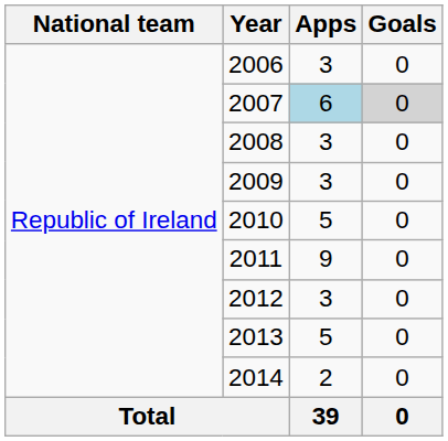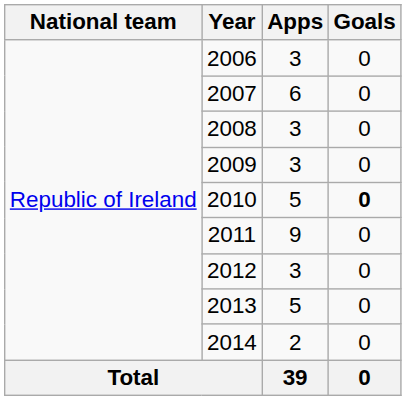 <table class=wikitable style="text-align:center">
 <tr>
 <th>National team</th>
 <th>Year</th>
 <th>Apps</th>
 <th>Goals</th>
 </tr>
 <tr>
 <td rowspan=9><a href='#'>Republic of Ireland</a></td>
 <td>2006</td>
 <td>3</td>
 <td>0</td>
 </tr>
 <tr>
 <td>2007</td>
-<td style="background: lightblue;">6</td>
-<td style="background: lightgrey;">0</td>
+<td>6</td>
+<td>0</td>
 </tr>
 <tr>
 <td>2008</td>
 <td>3</td>
 <td>0</td>
 </tr>
 <tr>
 <td>2009</td>
 <td>3</td>
 <td>0</td>
 </tr>
 <tr>
 <td>2010</td>
 <td>5</td>
-<td>0</td>
+<td><strong>0</strong></td>
 </tr>
 <tr>
 <td>2011</td>
 <td>9</td>
 <td>0</td>
 </tr>
 <tr>
 <td>2012</td>
 <td>3</td>
 <td>0</td>
 </tr>
 <tr>
 <td>2013</td>
 <td>5</td>
 <td>0</td>
 </tr>
 <tr>
 <td>2014</td>
 <td>2</td>
 <td>0</td>
 </tr>
 <tr>
 <th colspan=2>Total</th>
 <th>39</th>
 <th>0</th>
 </tr>
 </table>
